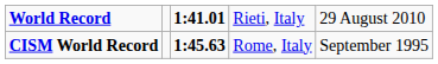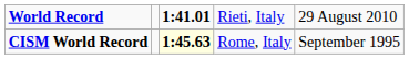 <table class="wikitable">
 <tr>
 <td><strong><a href='#'>World Record</a></strong></td>
 <td></td>
 <td><strong>1:41.01</strong></td>
 <td><a href='#'>Rieti</a>, <a href='#'>Italy</a></td>
 <td>29 August 2010</td>
 </tr>
 <tr>
 <td><strong><a href='#'>CISM</a> World Record</strong></td>
 <td></td>
-<td><strong>1:45.63</strong></td>
+<td style="background: lightyellow;"><strong>1:45.63</strong></td>
 <td><a href='#'>Rome</a>, <a href='#'>Italy</a></td>
 <td>September 1995</td>
 </tr>
 </table>
